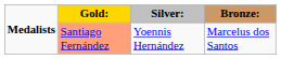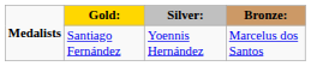 <table class="wikitable" width=60%>
 <tr>
 <td rowspan=2><strong>Medalists</strong></td>
 <td style="text-align:center;background-color:gold;"><strong>Gold:</strong></td>
 <td style="text-align:center;background-color:silver;"><strong>Silver:</strong></td>
 <td style="text-align:center;background-color:#CC9966;"><strong>Bronze:</strong></td>
 </tr>
 <tr>
-<td style="background: lightsalmon;"><a href='#'>Santiago Fernández</a> <br> </td>
+<td><a href='#'>Santiago Fernández</a> <br> </td>
 <td><a href='#'>Yoennis Hernández</a> <br> </td>
 <td><a href='#'>Marcelus dos Santos</a> <br> </td>
 </tr>
 </table>
